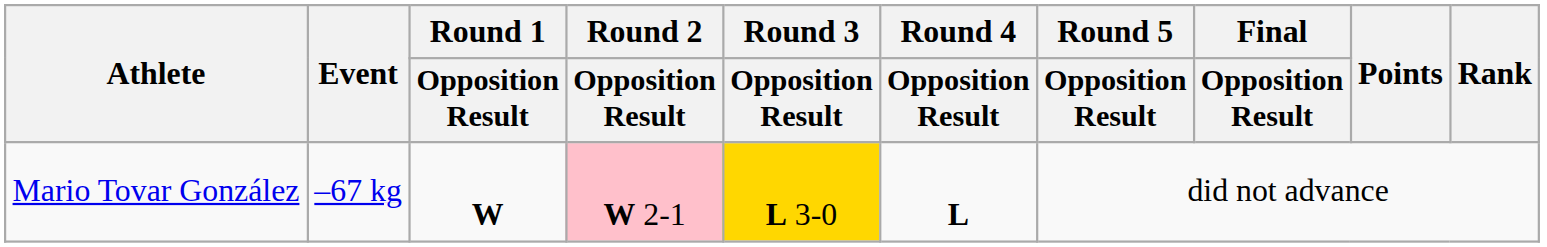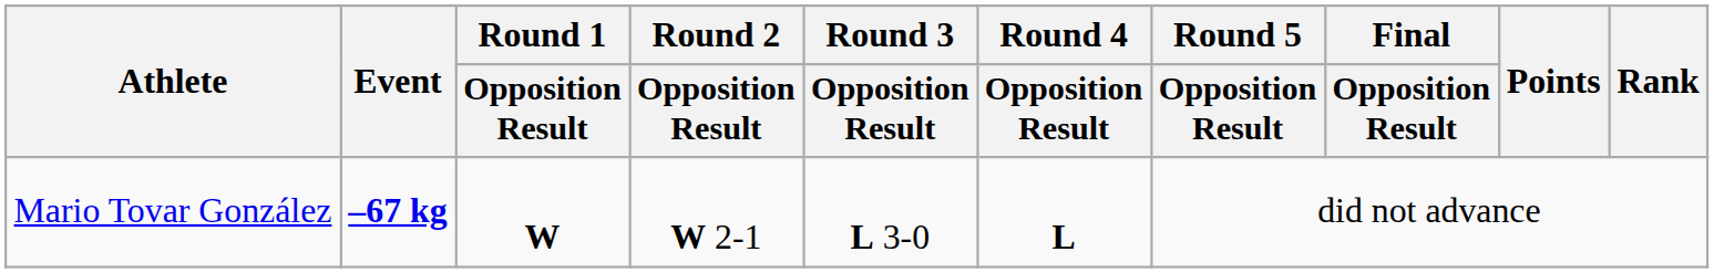 <table class="wikitable" style="font-size:90%;">
 <tr>
 <th rowspan=2>Athlete</th>
 <th rowspan=2>Event</th>
 <th>Round 1</th>
 <th>Round 2</th>
 <th>Round 3</th>
 <th>Round 4</th>
 <th>Round 5</th>
 <th>Final</th>
 <th rowspan=2>Points</th>
 <th rowspan=2>Rank</th>
 </tr>
 <tr style="font-size: 95%">
 <th>Opposition<br>Result</th>
 <th>Opposition<br>Result</th>
 <th>Opposition<br>Result</th>
 <th>Opposition<br>Result</th>
 <th>Opposition<br>Result</th>
 <th>Opposition<br>Result</th>
 </tr>
 <tr align=center>
 <td align=left><a href='#'>Mario Tovar González</a></td>
-<td align=left><a href='#'>–67 kg</a></td>
+<td align=left><strong><a href='#'>–67 kg</a></strong></td>
 <td><br><strong>W</strong> <sup></sup></td>
-<td style="background: pink;"><br><strong>W</strong> 2-1 <sup></sup></td>
-<td style="background: gold;"><br><strong>L</strong> 3-0 <sup></sup></td>
+<td><br><strong>W</strong> 2-1 <sup></sup></td>
+<td><br><strong>L</strong> 3-0 <sup></sup></td>
 <td><br><strong>L</strong> <sup></sup></td>
 <td colspan=4>did not advance</td>
 </tr>
 </table>
